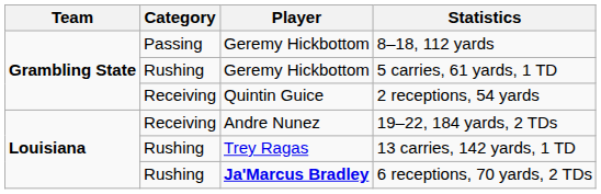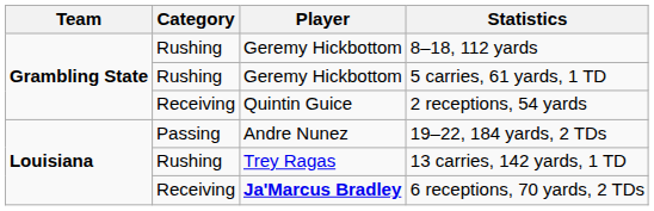 <table class="wikitable" style="float: left;">
 <tr>
 <th>Team</th>
 <th>Category</th>
 <th>Player</th>
 <th>Statistics</th>
 </tr>
 <tr>
 <td rowspan=3><strong>Grambling State</strong></td>
-<td>Passing</td>
+<td>Rushing</td>
 <td>Geremy Hickbottom</td>
 <td>8–18, 112 yards</td>
 </tr>
 <tr>
 <td>Rushing</td>
 <td>Geremy Hickbottom</td>
 <td>5 carries, 61 yards, 1 TD</td>
 </tr>
 <tr>
 <td>Receiving</td>
 <td>Quintin Guice</td>
 <td>2 receptions, 54 yards</td>
 </tr>
 <tr>
 <td rowspan=3><strong>Louisiana</strong></td>
-<td>Receiving</td>
+<td>Passing</td>
 <td>Andre Nunez</td>
 <td>19–22, 184 yards, 2 TDs</td>
 </tr>
 <tr>
 <td>Rushing</td>
 <td><a href='#'>Trey Ragas</a></td>
 <td>13 carries, 142 yards, 1 TD</td>
 </tr>
 <tr>
-<td>Rushing</td>
+<td>Receiving</td>
 <td><strong><a href='#'>Ja'Marcus Bradley</a></strong></td>
 <td>6 receptions, 70 yards, 2 TDs</td>
 </tr>
 </table>
